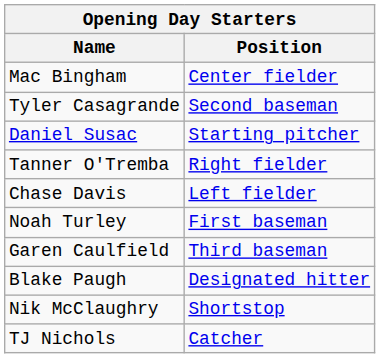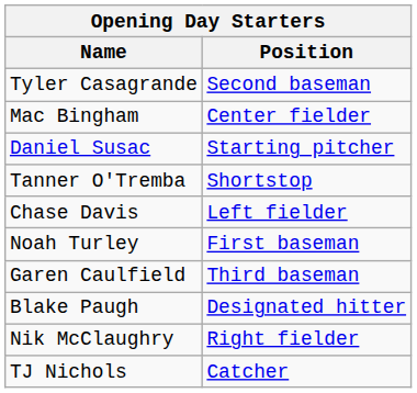 <table class="wikitable">
 <tr>
 <th colspan="2">Opening Day Starters</th>
 </tr>
 <tr>
 <th>Name</th>
 <th>Position</th>
 </tr>
 <tr>
+<td>Tyler Casagrande</td>
+<td><a href='#'>Second baseman</a></td>
+</tr>
+<tr>
 <td>Mac Bingham</td>
 <td><a href='#'>Center fielder</a></td>
-</tr>
-<tr>
-<td>Tyler Casagrande</td>
-<td><a href='#'>Second baseman</a></td>
 </tr>
 <tr>
 <td><a href='#'>Daniel Susac</a></td>
 <td><a href='#'>Starting pitcher</a></td>
 </tr>
 <tr>
 <td>Tanner O'Tremba</td>
-<td><a href='#'>Right fielder</a></td>
+<td><a href='#'>Shortstop</a></td>
 </tr>
 <tr>
 <td>Chase Davis</td>
 <td><a href='#'>Left fielder</a></td>
 </tr>
 <tr>
 <td>Noah Turley</td>
 <td><a href='#'>First baseman</a></td>
 </tr>
 <tr>
 <td>Garen Caulfield</td>
 <td><a href='#'>Third baseman</a></td>
 </tr>
 <tr>
 <td>Blake Paugh</td>
 <td><a href='#'>Designated hitter</a></td>
 </tr>
 <tr>
 <td>Nik McClaughry</td>
-<td><a href='#'>Shortstop</a></td>
+<td><a href='#'>Right fielder</a></td>
 </tr>
 <tr>
 <td>TJ Nichols</td>
 <td><a href='#'>Catcher</a></td>
 </tr>
 </table>
